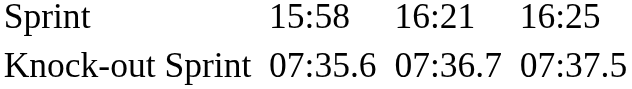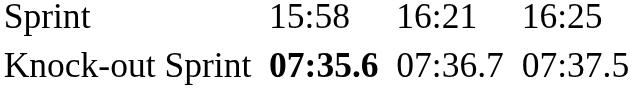 <table>
 <tr>
 <td>Sprint</td>
 <td></td>
 <td>15:58</td>
 <td></td>
 <td>16:21</td>
 <td></td>
 <td>16:25</td>
 </tr>
 <tr>
 <td>Knock-out Sprint</td>
 <td></td>
-<td>07:35.6</td>
+<td><strong>07:35.6</strong></td>
 <td></td>
 <td>07:36.7</td>
 <td></td>
 <td>07:37.5</td>
 </tr>
 </table>
